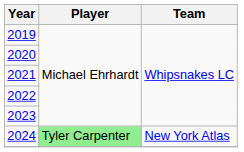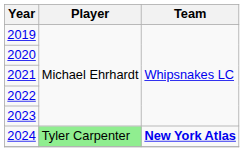 <table class="wikitable">
 <tr>
 <th>Year</th>
 <th>Player</th>
 <th>Team</th>
 </tr>
 <tr>
 <td><a href='#'>2019</a></td>
 <td rowspan="5">Michael Ehrhardt</td>
 <td rowspan="5"><a href='#'>Whipsnakes LC</a></td>
 </tr>
 <tr>
 <td><a href='#'>2020</a></td>
 </tr>
 <tr>
 <td><a href='#'>2021</a></td>
 </tr>
 <tr>
 <td><a href='#'>2022</a></td>
 </tr>
 <tr>
 <td><a href='#'>2023</a></td>
 </tr>
 <tr>
 <td><a href='#'>2024</a></td>
 <td style="background: lightgreen;">Tyler Carpenter</td>
-<td><a href='#'>New York Atlas</a></td>
+<td><strong><a href='#'>New York Atlas</a></strong></td>
 </tr>
 <tr>
 </tr>
 </table>
